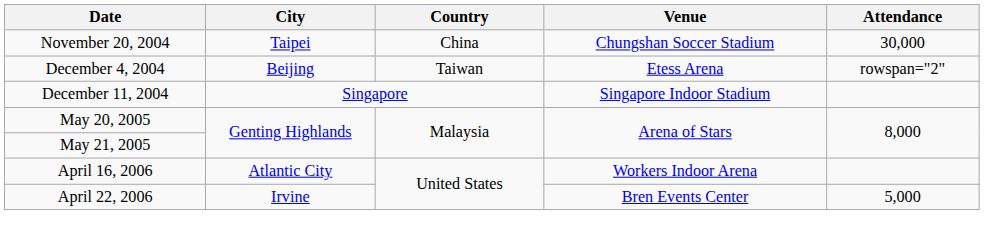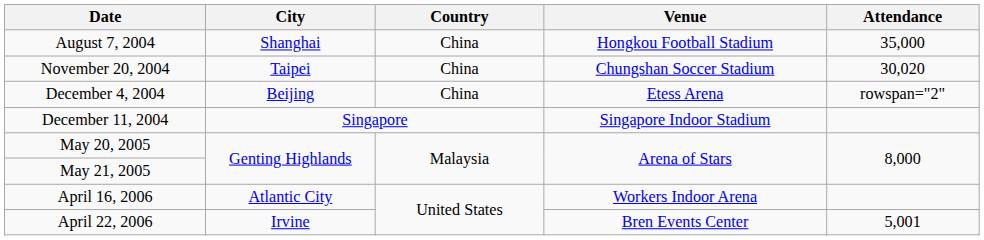 <table class="wikitable plainrowheaders" style="text-align:center;">
 <tr>
 <th scope="col" style="width:12em;">Date</th>
 <th scope="col" style="width:10em;">City</th>
 <th scope="col" style="width:10em;">Country</th>
 <th scope="col" style="width:17em;">Venue</th>
 <th scope="col" style="width:9em;">Attendance</th>
 </tr>
 <tr>
+<td>August 7, 2004</td>
+<td><a href='#'>Shanghai</a></td>
+<td>China</td>
+<td><a href='#'>Hongkou Football Stadium</a></td>
+<td>35,000</td>
+</tr>
+<tr>
 <td>November 20, 2004</td>
 <td><a href='#'>Taipei</a></td>
 <td>China</td>
 <td><a href='#'>Chungshan Soccer Stadium</a></td>
-<td>30,000</td>
+<td>30,020</td>
 </tr>
 <tr>
 <td>December 4, 2004</td>
 <td><a href='#'>Beijing</a></td>
-<td>Taiwan</td>
+<td>China</td>
 <td><a href='#'>Etess Arena</a></td>
 <td>rowspan="2" </td>
 </tr>
 <tr>
 <td>December 11, 2004</td>
 <td colspan="2"><a href='#'>Singapore</a></td>
 <td><a href='#'>Singapore Indoor Stadium</a></td>
 </tr>
 <tr>
 <td>May 20, 2005</td>
 <td rowspan="2"><a href='#'>Genting Highlands</a></td>
 <td rowspan="2">Malaysia</td>
 <td rowspan="2"><a href='#'>Arena of Stars</a></td>
 <td rowspan="2">8,000</td>
 </tr>
 <tr>
 <td>May 21, 2005</td>
 </tr>
 <tr>
 <td>April 16, 2006</td>
 <td><a href='#'>Atlantic City</a></td>
 <td rowspan="2">United States</td>
 <td><a href='#'>Workers Indoor Arena</a></td>
 <td></td>
 </tr>
 <tr>
 <td>April 22, 2006</td>
 <td><a href='#'>Irvine</a></td>
 <td><a href='#'>Bren Events Center</a></td>
-<td>5,000</td>
+<td>5,001</td>
 </tr>
 </table>
